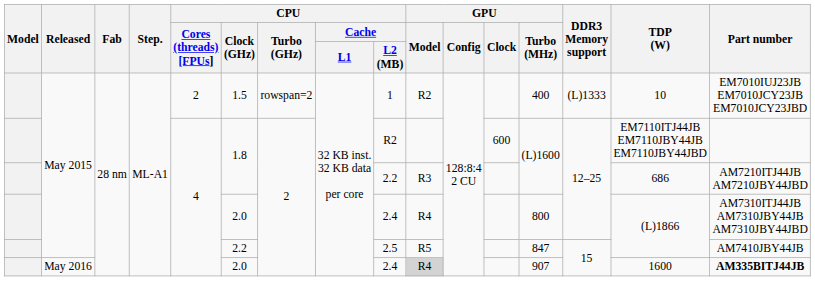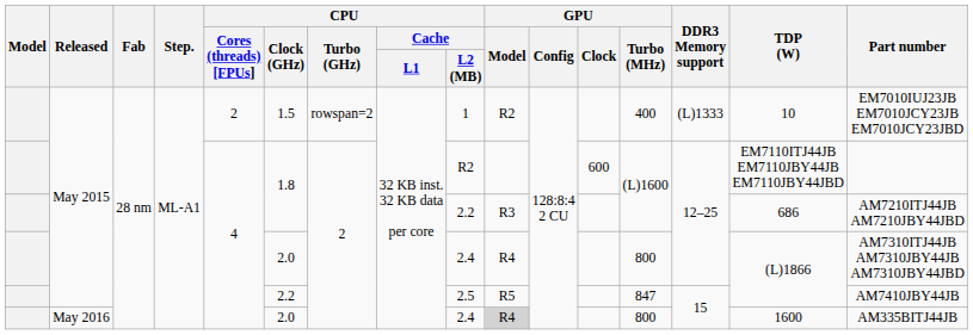 <table class="wikitable sortable sort-under" style="text-align: center">
 <tr>
 <th rowspan=3>Model</th>
 <th rowspan=3>Released</th>
 <th rowspan=3>Fab</th>
 <th rowspan=3>Step.</th>
 <th colspan="5">CPU</th>
 <th colspan=4>GPU</th>
 <th rowspan=3>DDR3<br>Memory<br>support</th>
 <th rowspan=3>TDP<br>(W)</th>
 <th rowspan=3>Part number</th>
 </tr>
 <tr>
 <th rowspan=2><a href='#'>Cores</a><br><a href='#'>(threads)</a><br><a href='#'>[FPUs</a>]</th>
 <th rowspan=2>Clock<br>(GHz)</th>
 <th rowspan=2>Turbo<br>(GHz)</th>
 <th colspan="2"><a href='#'>Cache</a></th>
 <th rowspan=2>Model</th>
 <th rowspan=2>Config</th>
 <th rowspan=2>Clock</th>
 <th rowspan=2>Turbo<br>(MHz)</th>
 </tr>
 <tr>
 <th><a href='#'>L1</a></th>
 <th><a href='#'>L2</a><br>(MB)</th>
 </tr>
 <tr>
 <th></th>
 <td rowspan=5>May 2015</td>
 <td rowspan=6>28 nm</td>
 <td rowspan=6>ML-A1</td>
 <td>2</td>
 <td>1.5</td>
 <td>rowspan=2 </td>
 <td rowspan=6>32 KB inst.<br>32 KB data<br><br>per core</td>
 <td>1</td>
 <td>R2</td>
 <td rowspan=6>128:8:4<br>2 CU</td>
 <td></td>
 <td>400</td>
 <td>(L)1333</td>
 <td>10</td>
 <td>EM7010IUJ23JB<br> EM7010JCY23JB<br> EM7010JCY23JBD</td>
 </tr>
 <tr>
 <th></th>
 <td rowspan=5>4</td>
 <td rowspan=2>1.8</td>
 <td rowspan=5>2</td>
 <td>R2</td>
 <td></td>
 <td>600</td>
 <td rowspan=2>(L)1600</td>
 <td rowspan=3>12–25</td>
 <td>EM7110ITJ44JB<br> EM7110JBY44JB<br> EM7110JBY44JBD</td>
 </tr>
 <tr>
 <th></th>
 <td>2.2</td>
 <td>R3</td>
 <td></td>
 <td>686</td>
 <td>AM7210ITJ44JB<br> AM7210JBY44JBD</td>
 </tr>
 <tr>
 <th></th>
 <td>2.0</td>
 <td>2.4</td>
 <td>R4</td>
 <td></td>
 <td>800</td>
 <td rowspan=2>(L)1866</td>
 <td>AM7310ITJ44JB<br> AM7310JBY44JB<br> AM7310JBY44JBD</td>
 </tr>
 <tr>
 <th></th>
 <td>2.2</td>
 <td>2.5</td>
 <td>R5</td>
 <td></td>
 <td>847</td>
 <td rowspan=2>15</td>
 <td>AM7410JBY44JB</td>
 </tr>
 <tr>
 <th></th>
 <td>May 2016</td>
 <td>2.0</td>
 <td>2.4</td>
 <td style="background: lightgrey;">R4</td>
 <td></td>
-<td>907</td>
+<td>800</td>
 <td>1600</td>
-<td><strong>AM335BITJ44JB</strong></td>
+<td>AM335BITJ44JB</td>
 </tr>
 </table>
